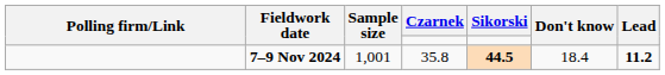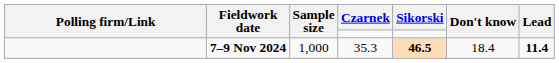 <table class="wikitable" style="text-align:center; font-size:85%; line-height:14px;">
 <tr>
 <th rowspan="2" style="width:200px;">Polling firm/Link</th>
 <th rowspan="2" data-sort-type="date">Fieldwork<br>date</th>
 <th rowspan="2" style="width:20px;">Sample<br>size</th>
 <th><a href='#'>Czarnek</a><br></th>
 <th><a href='#'>Sikorski</a><br></th>
 <th rowspan="2">Don't know</th>
 <th rowspan="2">Lead</th>
 </tr>
 <tr>
 <td style="background:"></td>
 <td style="background:"></td>
 </tr>
 <tr>
 <td></td>
 <td data-sort-value="2024-11-09"><strong>7–9 Nov 2024</strong></td>
-<td>1,001</td>
-<td>35.8</td>
-<td style="background:#FDDCB8;"><strong>44.5</strong></td>
+<td>1,000</td>
+<td>35.3</td>
+<td style="background:#FDDCB8;"><strong>46.5</strong></td>
 <td>18.4</td>
-<td style="background:"><strong>11.2</strong></td>
+<td style="background:"><strong>11.4</strong></td>
 </tr>
 </table>
